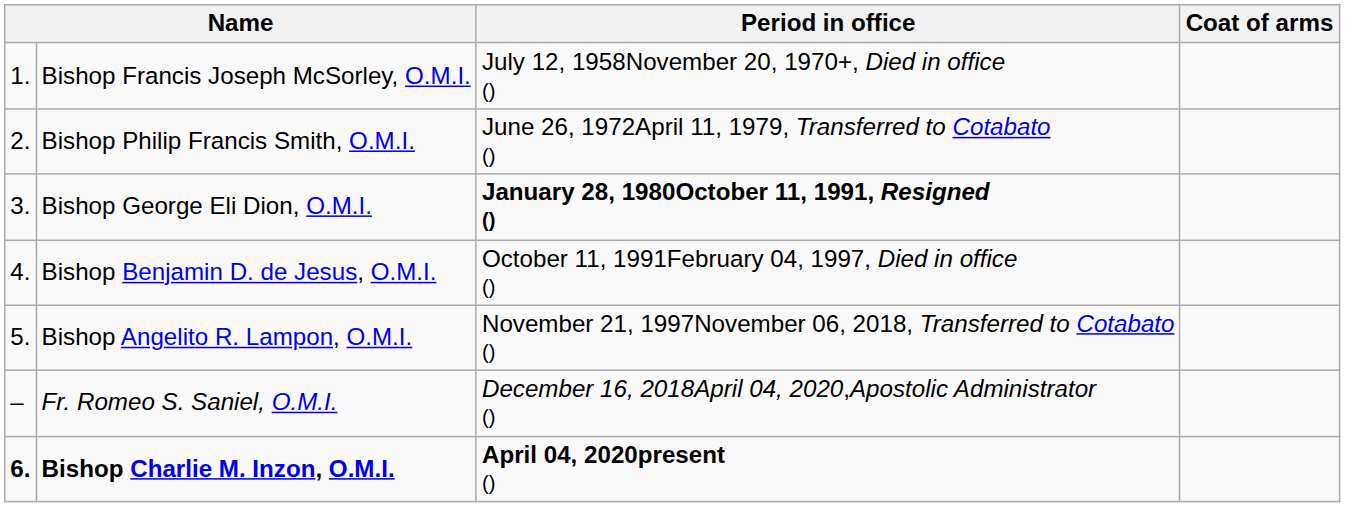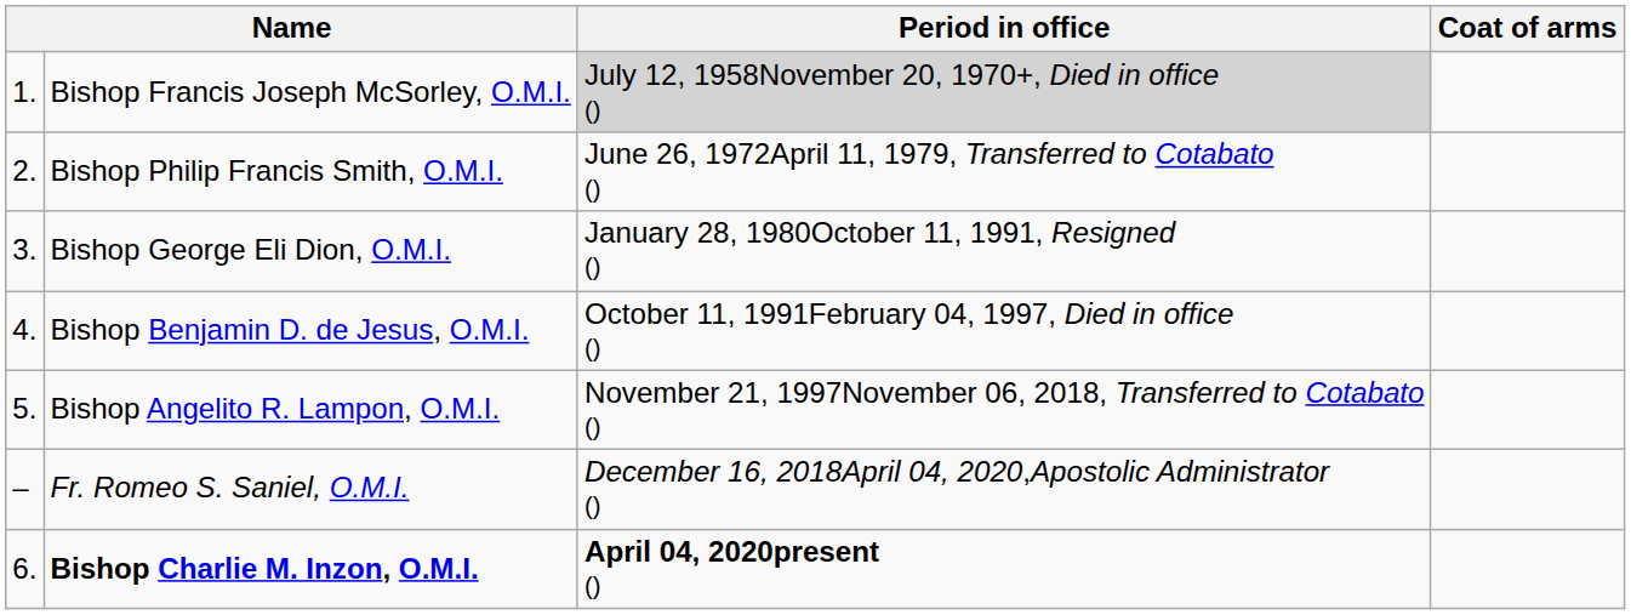 <table class="wikitable">
 <tr>
 <th colspan="2">Name</th>
 <th>Period in office</th>
 <th>Coat of arms</th>
 </tr>
 <tr>
 <td>1.</td>
 <td>Bishop Francis Joseph McSorley, <a href='#'>O.M.I.</a></td>
-<td>July 12, 1958November 20, 1970+, <em>Died in office</em><br><small>()</small></td>
+<td style="background: lightgrey;">July 12, 1958November 20, 1970+, <em>Died in office</em><br><small>()</small></td>
 <td></td>
 </tr>
 <tr>
 <td>2.</td>
 <td>Bishop Philip Francis Smith, <a href='#'>O.M.I.</a></td>
 <td>June 26, 1972April 11, 1979, <em>Transferred to <a href='#'> Cotabato</a></em><br><small>()</small></td>
 <td></td>
 </tr>
 <tr>
 <td>3.</td>
 <td>Bishop George Eli Dion, <a href='#'>O.M.I.</a></td>
-<td><strong>January 28, 1980October 11, 1991, <em>Resigned</em><br><small>()</small></strong></td>
+<td>January 28, 1980October 11, 1991, <em>Resigned</em><br><small>()</small></td>
 <td></td>
 </tr>
 <tr>
 <td>4.</td>
 <td>Bishop <a href='#'>Benjamin D. de Jesus</a>, <a href='#'>O.M.I.</a></td>
 <td>October 11, 1991February 04, 1997, <em>Died in office</em><br><small>()</small></td>
 <td></td>
 </tr>
 <tr>
 <td>5.</td>
 <td>Bishop <a href='#'>Angelito R. Lampon</a>, <a href='#'>O.M.I.</a></td>
 <td>November 21, 1997November 06, 2018, <em>Transferred to <a href='#'> Cotabato</a></em><br><small>()</small></td>
 <td></td>
 </tr>
 <tr>
 <td>–</td>
 <td><em>Fr. Romeo S. Saniel, <a href='#'>O.M.I.</a></em></td>
 <td><em>December 16, 2018April 04, 2020</em>,<em>Apostolic Administrator</em><br><small>()</small></td>
 <td></td>
 </tr>
 <tr>
-<td><strong>6.</strong></td>
+<td>6.</td>
 <td><strong>Bishop <a href='#'>Charlie M. Inzon</a>, <a href='#'>O.M.I.</a></strong></td>
 <td><strong>April 04, 2020present</strong><br><small>()</small></td>
 <td></td>
 </tr>
 </table>
